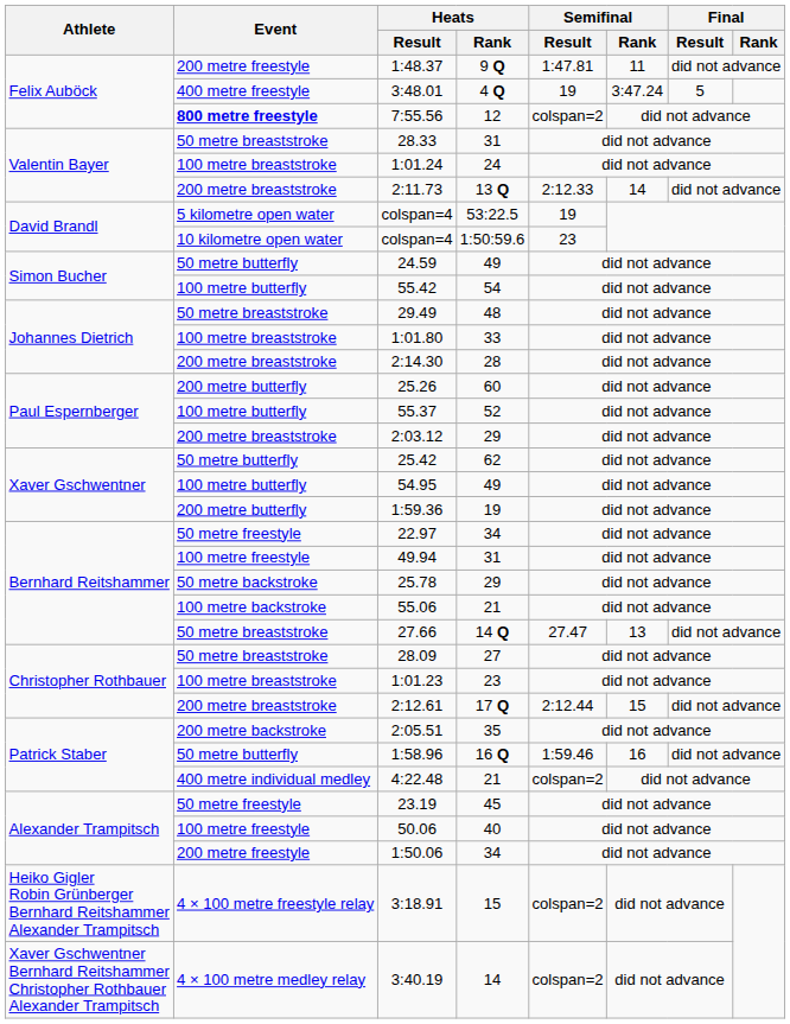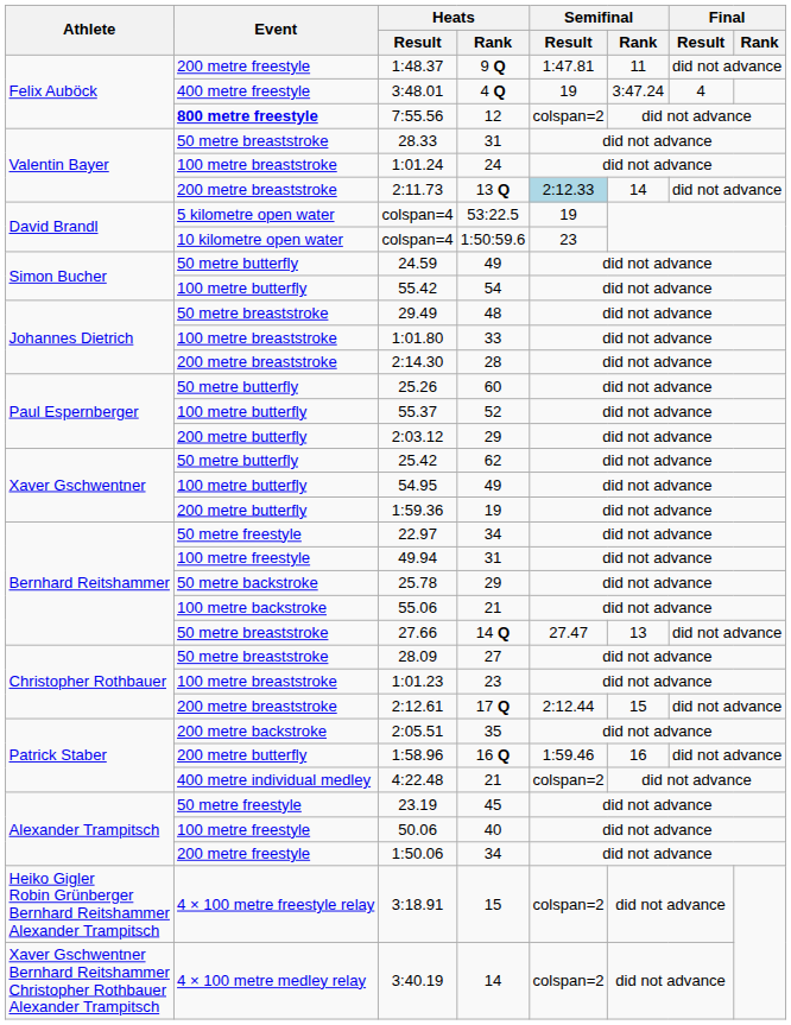 <table class="wikitable" border="1" style="font-size:90%; text-align:center">
 <tr>
 <th rowspan="2">Athlete</th>
 <th rowspan="2">Event</th>
 <th colspan="2">Heats</th>
 <th colspan="2">Semifinal</th>
 <th colspan="2">Final</th>
 </tr>
 <tr>
 <th>Result</th>
 <th>Rank</th>
 <th>Result</th>
 <th>Rank</th>
 <th>Result</th>
 <th>Rank</th>
 </tr>
 <tr>
 <td rowspan="3" align="left"><a href='#'>Felix Auböck</a></td>
 <td align="left"><a href='#'>200 metre freestyle</a></td>
 <td>1:48.37</td>
 <td>9 <strong>Q</strong></td>
 <td>1:47.81</td>
 <td>11</td>
 <td colspan=2>did not advance</td>
 </tr>
 <tr>
 <td align="left"><a href='#'>400 metre freestyle</a></td>
 <td>3:48.01</td>
 <td>4 <strong>Q</strong></td>
 <td>19</td>
 <td>3:47.24</td>
-<td>5</td>
+<td>4</td>
 </tr>
 <tr>
 <td align="left"><strong><a href='#'>800 metre freestyle</a></strong></td>
 <td>7:55.56</td>
 <td>12</td>
 <td>colspan=2</td>
 <td colspan=4>did not advance</td>
 </tr>
 <tr>
 <td rowspan="3" align="left"><a href='#'>Valentin Bayer</a></td>
 <td align="left"><a href='#'>50 metre breaststroke</a></td>
 <td>28.33</td>
 <td>31</td>
 <td colspan=4>did not advance</td>
 </tr>
 <tr>
 <td align="left"><a href='#'>100 metre breaststroke</a></td>
 <td>1:01.24</td>
 <td>24</td>
 <td colspan=4>did not advance</td>
 </tr>
 <tr>
 <td align="left"><a href='#'>200 metre breaststroke</a></td>
 <td>2:11.73</td>
 <td>13 <strong>Q</strong></td>
-<td>2:12.33</td>
+<td style="background: lightblue;">2:12.33</td>
 <td>14</td>
 <td colspan=2>did not advance</td>
 </tr>
 <tr>
 <td rowspan="2" align="left"><a href='#'>David Brandl</a></td>
 <td align="left"><a href='#'>5 kilometre open water</a></td>
 <td>colspan=4</td>
 <td>53:22.5</td>
 <td>19</td>
 </tr>
 <tr>
 <td align="left"><a href='#'>10 kilometre open water</a></td>
 <td>colspan=4</td>
 <td>1:50:59.6</td>
 <td>23</td>
 </tr>
 <tr>
 <td rowspan="2" align="left"><a href='#'>Simon Bucher</a></td>
 <td align="left"><a href='#'>50 metre butterfly</a></td>
 <td>24.59</td>
 <td>49</td>
 <td colspan=4>did not advance</td>
 </tr>
 <tr>
 <td align="left"><a href='#'>100 metre butterfly</a></td>
 <td>55.42</td>
 <td>54</td>
 <td colspan=4>did not advance</td>
 </tr>
 <tr>
 <td rowspan="3" align="left"><a href='#'>Johannes Dietrich</a></td>
 <td align="left"><a href='#'>50 metre breaststroke</a></td>
 <td>29.49</td>
 <td>48</td>
 <td colspan=4>did not advance</td>
 </tr>
 <tr>
 <td align="left"><a href='#'>100 metre breaststroke</a></td>
 <td>1:01.80</td>
 <td>33</td>
 <td colspan=4>did not advance</td>
 </tr>
 <tr>
 <td align="left"><a href='#'>200 metre breaststroke</a></td>
 <td>2:14.30</td>
 <td>28</td>
 <td colspan=4>did not advance</td>
 </tr>
 <tr>
 <td rowspan="3" align="left"><a href='#'>Paul Espernberger</a></td>
-<td align="left"><a href='#'>200 metre butterfly</a></td>
+<td align="left"><a href='#'>50 metre butterfly</a></td>
 <td>25.26</td>
 <td>60</td>
 <td colspan=4>did not advance</td>
 </tr>
 <tr>
 <td align="left"><a href='#'>100 metre butterfly</a></td>
 <td>55.37</td>
 <td>52</td>
 <td colspan=4>did not advance</td>
 </tr>
 <tr>
-<td align="left"><a href='#'>200 metre breaststroke</a></td>
+<td align="left"><a href='#'>200 metre butterfly</a></td>
 <td>2:03.12</td>
 <td>29</td>
 <td colspan=4>did not advance</td>
 </tr>
 <tr>
 <td rowspan="3" align="left"><a href='#'>Xaver Gschwentner</a></td>
 <td align="left"><a href='#'>50 metre butterfly</a></td>
 <td>25.42</td>
 <td>62</td>
 <td colspan=4>did not advance</td>
 </tr>
 <tr>
 <td align="left"><a href='#'>100 metre butterfly</a></td>
 <td>54.95</td>
 <td>49</td>
 <td colspan=4>did not advance</td>
 </tr>
 <tr>
 <td align="left"><a href='#'>200 metre butterfly</a></td>
 <td>1:59.36</td>
 <td>19</td>
 <td colspan=4>did not advance</td>
 </tr>
 <tr>
 <td rowspan="5" align="left"><a href='#'>Bernhard Reitshammer</a></td>
 <td align="left"><a href='#'>50 metre freestyle</a></td>
 <td>22.97</td>
 <td>34</td>
 <td colspan=4>did not advance</td>
 </tr>
 <tr>
 <td align="left"><a href='#'>100 metre freestyle</a></td>
 <td>49.94</td>
 <td>31</td>
 <td colspan=4>did not advance</td>
 </tr>
 <tr>
 <td align="left"><a href='#'>50 metre backstroke</a></td>
 <td>25.78</td>
 <td>29</td>
 <td colspan=4>did not advance</td>
 </tr>
 <tr>
 <td align="left"><a href='#'>100 metre backstroke</a></td>
 <td>55.06</td>
 <td>21</td>
 <td colspan=4>did not advance</td>
 </tr>
 <tr>
 <td align="left"><a href='#'>50 metre breaststroke</a></td>
 <td>27.66</td>
 <td>14 <strong>Q</strong></td>
 <td>27.47</td>
 <td>13</td>
 <td colspan=2>did not advance</td>
 </tr>
 <tr>
 <td rowspan="3" align="left"><a href='#'>Christopher Rothbauer</a></td>
 <td align="left"><a href='#'>50 metre breaststroke</a></td>
 <td>28.09</td>
 <td>27</td>
 <td colspan=4>did not advance</td>
 </tr>
 <tr>
 <td align="left"><a href='#'>100 metre breaststroke</a></td>
 <td>1:01.23</td>
 <td>23</td>
 <td colspan=4>did not advance</td>
 </tr>
 <tr>
 <td align="left"><a href='#'>200 metre breaststroke</a></td>
 <td>2:12.61</td>
 <td>17 <strong>Q</strong></td>
 <td>2:12.44</td>
 <td>15</td>
 <td colspan=2>did not advance</td>
 </tr>
 <tr>
 <td rowspan="3" align="left"><a href='#'>Patrick Staber</a></td>
 <td align="left"><a href='#'>200 metre backstroke</a></td>
 <td>2:05.51</td>
 <td>35</td>
 <td colspan=4>did not advance</td>
 </tr>
 <tr>
-<td align="left"><a href='#'>50 metre butterfly</a></td>
+<td align="left"><a href='#'>200 metre butterfly</a></td>
 <td>1:58.96</td>
 <td>16 <strong>Q</strong></td>
 <td>1:59.46</td>
 <td>16</td>
 <td colspan=2>did not advance</td>
 </tr>
 <tr>
 <td align="left"><a href='#'>400 metre individual medley</a></td>
 <td>4:22.48</td>
 <td>21</td>
 <td>colspan=2</td>
 <td colspan=4>did not advance</td>
 </tr>
 <tr>
 <td rowspan="3" align="left"><a href='#'>Alexander Trampitsch</a></td>
 <td align="left"><a href='#'>50 metre freestyle</a></td>
 <td>23.19</td>
 <td>45</td>
 <td colspan=4>did not advance</td>
 </tr>
 <tr>
 <td align="left"><a href='#'>100 metre freestyle</a></td>
 <td>50.06</td>
 <td>40</td>
 <td colspan=4>did not advance</td>
 </tr>
 <tr>
 <td align="left"><a href='#'>200 metre freestyle</a></td>
 <td>1:50.06</td>
 <td>34</td>
 <td colspan=4>did not advance</td>
 </tr>
 <tr>
 <td align="left"><a href='#'>Heiko Gigler</a><br><a href='#'>Robin Grünberger</a><br><a href='#'>Bernhard Reitshammer</a><br><a href='#'>Alexander Trampitsch</a></td>
 <td align="left"><a href='#'>4 × 100 metre freestyle relay</a></td>
 <td>3:18.91</td>
 <td>15</td>
 <td>colspan=2</td>
 <td colspan=2>did not advance</td>
 </tr>
 <tr>
 <td align="left"><a href='#'>Xaver Gschwentner</a><br><a href='#'>Bernhard Reitshammer</a><br><a href='#'>Christopher Rothbauer</a><br><a href='#'>Alexander Trampitsch</a></td>
 <td align="left"><a href='#'>4 × 100 metre medley relay</a></td>
 <td>3:40.19</td>
 <td>14</td>
 <td>colspan=2</td>
 <td colspan=2>did not advance</td>
 </tr>
 </table>
